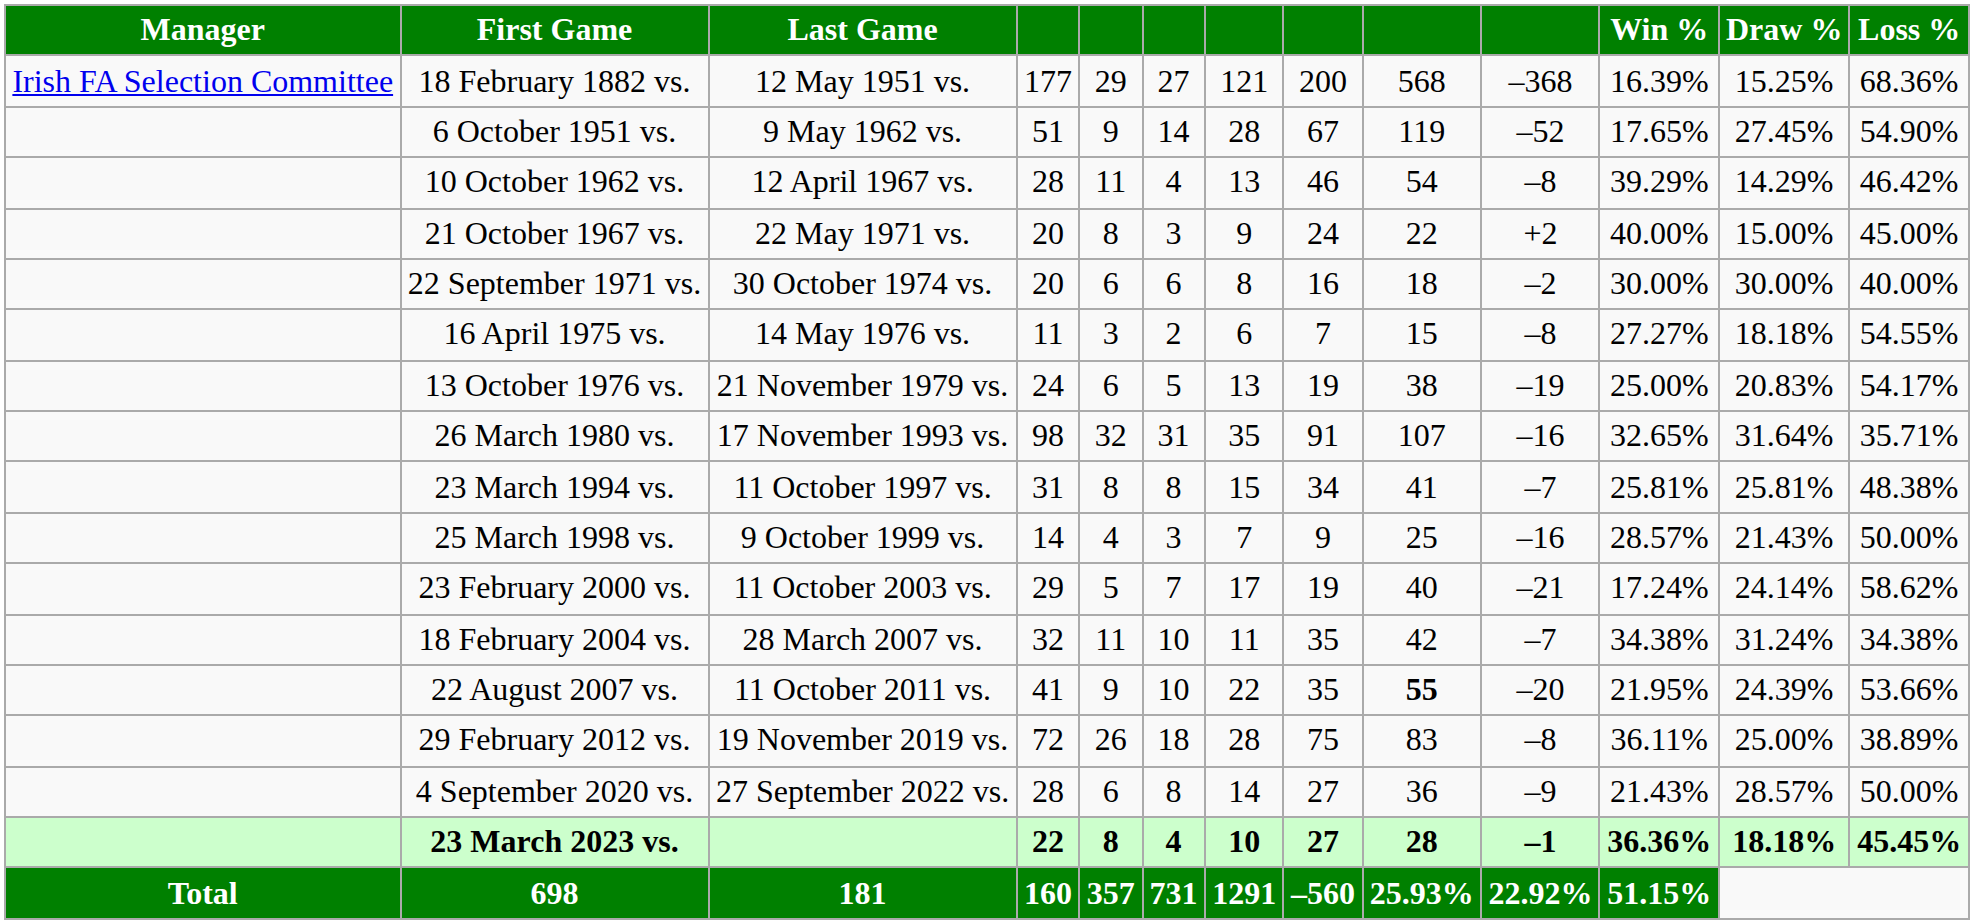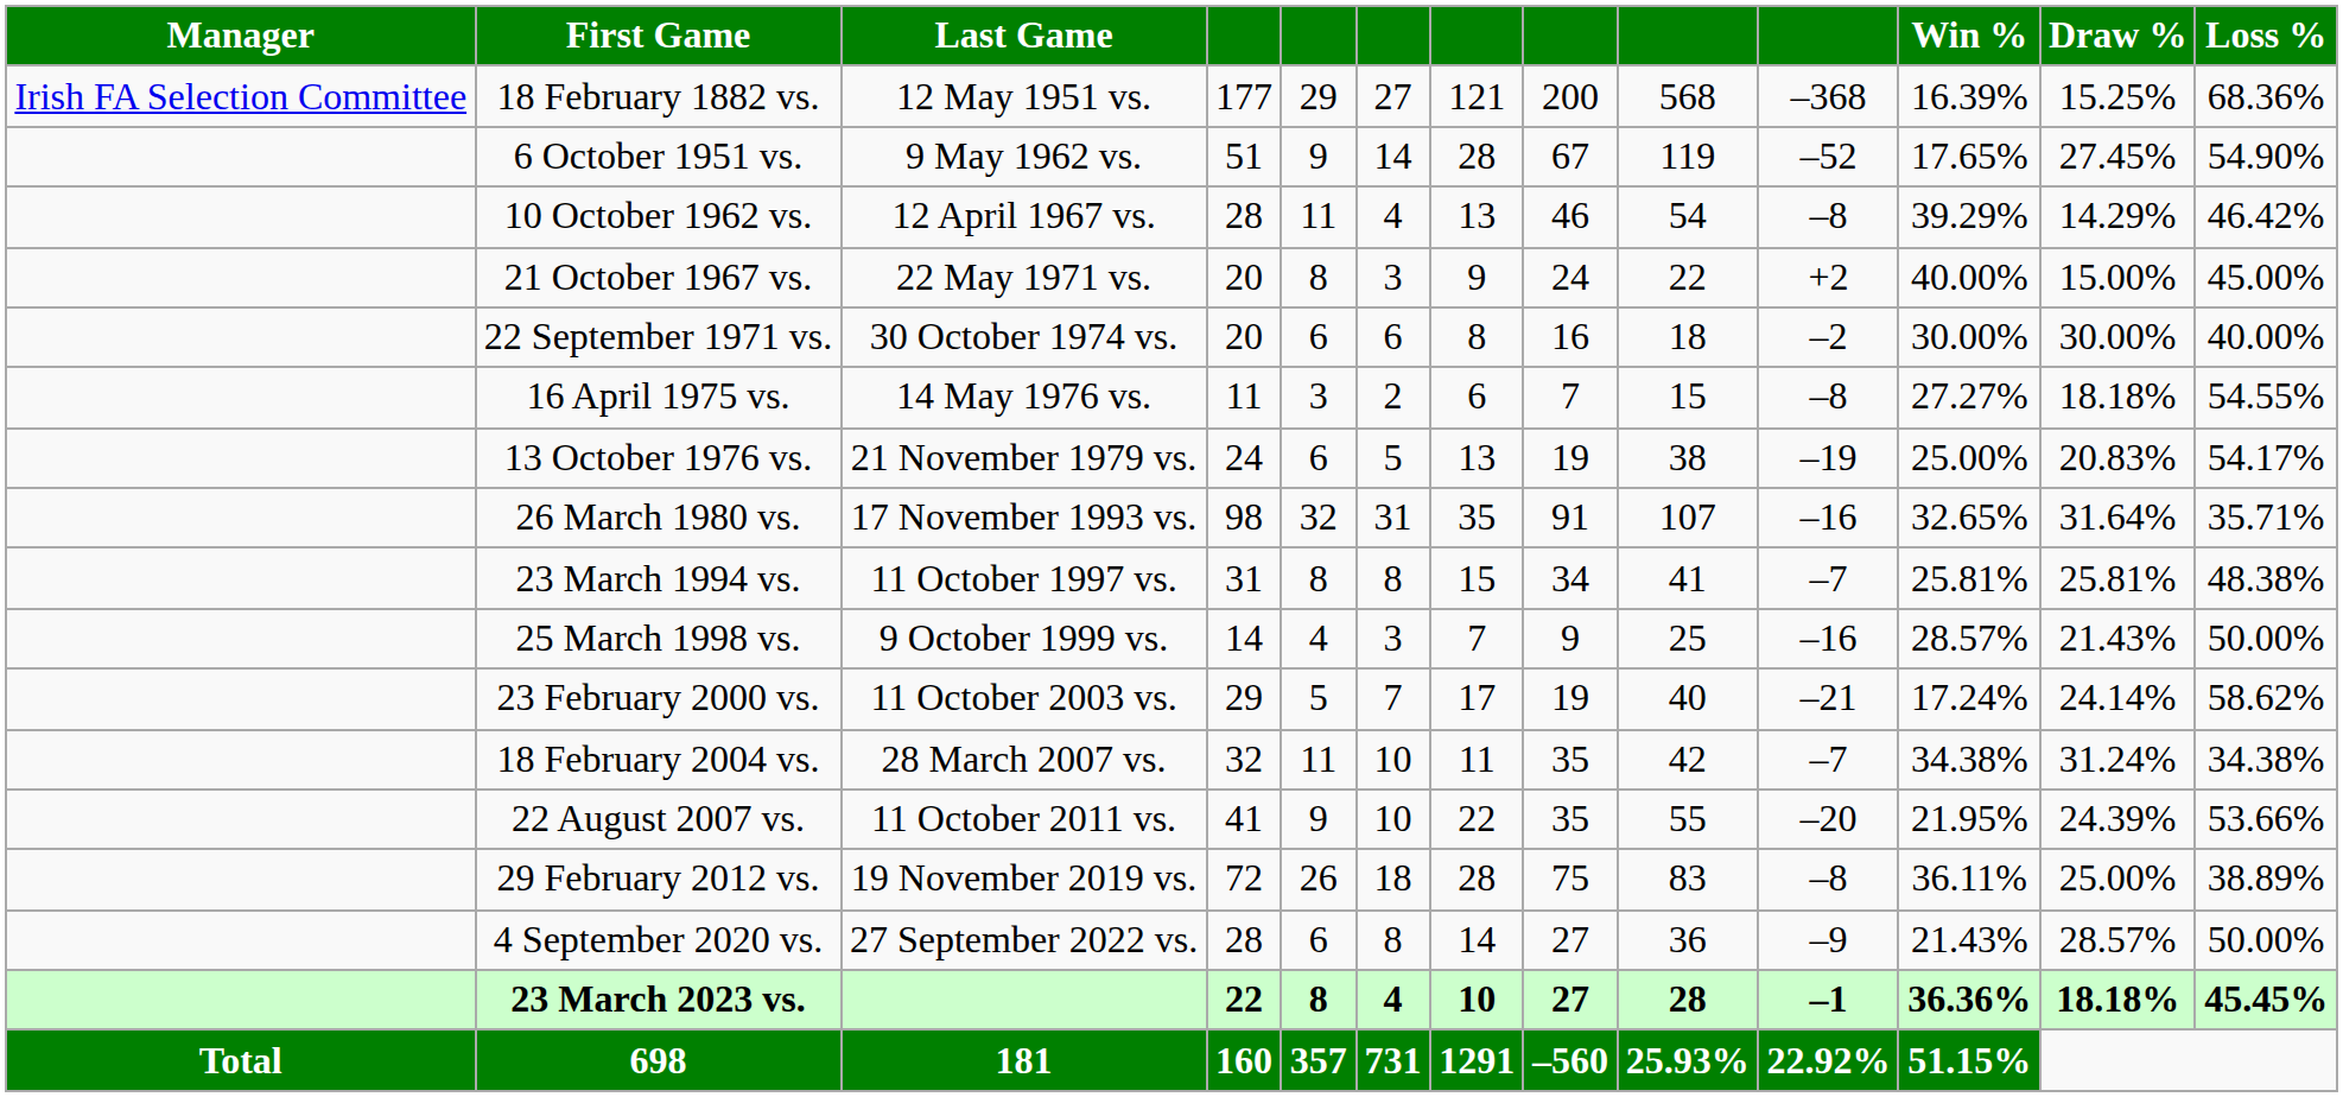 <table class="wikitable sortable" style="text-align:center;">
 <tr>
 <th style="background-color:#008000; color:white; ">Manager</th>
 <th style="background-color:#008000; color:white; ">First Game</th>
 <th style="background-color:#008000; color:white; ">Last Game</th>
 <th style="background-color:#008000; color:white; "></th>
 <th style="background-color:#008000; color:white; "></th>
 <th style="background-color:#008000; color:white; "></th>
 <th style="background-color:#008000; color:white; "></th>
 <th style="background-color:#008000; color:white; "></th>
 <th style="background-color:#008000; color:white; "></th>
 <th style="background-color:#008000; color:white; "></th>
 <th style="background-color:#008000; color:white; ">Win %</th>
 <th style="background-color:#008000; color:white; ">Draw %</th>
 <th style="background-color:#008000; color:white; ">Loss %</th>
 </tr>
 <tr>
 <td style="text-align: left;"> <a href='#'>Irish FA Selection Committee</a></td>
 <td>18 February 1882 vs. </td>
 <td>12 May 1951 vs. </td>
 <td>177</td>
 <td>29</td>
 <td>27</td>
 <td>121</td>
 <td>200</td>
 <td>568</td>
 <td>–368</td>
 <td>16.39%</td>
 <td>15.25%</td>
 <td>68.36%</td>
 </tr>
 <tr>
 <td style="text-align: left;"> </td>
 <td>6 October 1951 vs. </td>
 <td>9 May 1962 vs. </td>
 <td>51</td>
 <td>9</td>
 <td>14</td>
 <td>28</td>
 <td>67</td>
 <td>119</td>
 <td>–52</td>
 <td>17.65%</td>
 <td>27.45%</td>
 <td>54.90%</td>
 </tr>
 <tr>
 <td style="text-align: left;"> </td>
 <td>10 October 1962 vs. </td>
 <td>12 April 1967 vs. </td>
 <td>28</td>
 <td>11</td>
 <td>4</td>
 <td>13</td>
 <td>46</td>
 <td>54</td>
 <td>–8</td>
 <td>39.29%</td>
 <td>14.29%</td>
 <td>46.42%</td>
 </tr>
 <tr>
 <td style="text-align: left;"> </td>
 <td>21 October 1967 vs. </td>
 <td>22 May 1971 vs. </td>
 <td>20</td>
 <td>8</td>
 <td>3</td>
 <td>9</td>
 <td>24</td>
 <td>22</td>
 <td>+2</td>
 <td>40.00%</td>
 <td>15.00%</td>
 <td>45.00%</td>
 </tr>
 <tr>
 <td style="text-align: left;"> </td>
 <td>22 September 1971 vs. </td>
 <td>30 October 1974 vs. </td>
 <td>20</td>
 <td>6</td>
 <td>6</td>
 <td>8</td>
 <td>16</td>
 <td>18</td>
 <td>–2</td>
 <td>30.00%</td>
 <td>30.00%</td>
 <td>40.00%</td>
 </tr>
 <tr>
 <td style="text-align: left;"> </td>
 <td>16 April 1975 vs. </td>
 <td>14 May 1976 vs. </td>
 <td>11</td>
 <td>3</td>
 <td>2</td>
 <td>6</td>
 <td>7</td>
 <td>15</td>
 <td>–8</td>
 <td>27.27%</td>
 <td>18.18%</td>
 <td>54.55%</td>
 </tr>
 <tr>
 <td style="text-align: left;"> </td>
 <td>13 October 1976 vs. </td>
 <td>21 November 1979 vs. </td>
 <td>24</td>
 <td>6</td>
 <td>5</td>
 <td>13</td>
 <td>19</td>
 <td>38</td>
 <td>–19</td>
 <td>25.00%</td>
 <td>20.83%</td>
 <td>54.17%</td>
 </tr>
 <tr>
 <td style="text-align: left;"> </td>
 <td>26 March 1980 vs. </td>
 <td>17 November 1993 vs. </td>
 <td>98</td>
 <td>32</td>
 <td>31</td>
 <td>35</td>
 <td>91</td>
 <td>107</td>
 <td>–16</td>
 <td>32.65%</td>
 <td>31.64%</td>
 <td>35.71%</td>
 </tr>
 <tr>
 <td style="text-align: left;"> </td>
 <td>23 March 1994 vs. </td>
 <td>11 October 1997 vs. </td>
 <td>31</td>
 <td>8</td>
 <td>8</td>
 <td>15</td>
 <td>34</td>
 <td>41</td>
 <td>–7</td>
 <td>25.81%</td>
 <td>25.81%</td>
 <td>48.38%</td>
 </tr>
 <tr>
 <td style="text-align: left;"> </td>
 <td>25 March 1998 vs. </td>
 <td>9 October 1999 vs. </td>
 <td>14</td>
 <td>4</td>
 <td>3</td>
 <td>7</td>
 <td>9</td>
 <td>25</td>
 <td>–16</td>
 <td>28.57%</td>
 <td>21.43%</td>
 <td>50.00%</td>
 </tr>
 <tr>
 <td style="text-align: left;"> </td>
 <td>23 February 2000 vs. </td>
 <td>11 October 2003 vs. </td>
 <td>29</td>
 <td>5</td>
 <td>7</td>
 <td>17</td>
 <td>19</td>
 <td>40</td>
 <td>–21</td>
 <td>17.24%</td>
 <td>24.14%</td>
 <td>58.62%</td>
 </tr>
 <tr>
 <td style="text-align: left;"> </td>
 <td>18 February 2004 vs. </td>
 <td>28 March 2007 vs. </td>
 <td>32</td>
 <td>11</td>
 <td>10</td>
 <td>11</td>
 <td>35</td>
 <td>42</td>
 <td>–7</td>
 <td>34.38%</td>
 <td>31.24%</td>
 <td>34.38%</td>
 </tr>
 <tr>
 <td style="text-align: left;"> </td>
 <td>22 August 2007 vs. </td>
 <td>11 October 2011 vs. </td>
 <td>41</td>
 <td>9</td>
 <td>10</td>
 <td>22</td>
 <td>35</td>
-<td><strong>55</strong></td>
+<td>55</td>
 <td>–20</td>
 <td>21.95%</td>
 <td>24.39%</td>
 <td>53.66%</td>
 </tr>
 <tr>
 <td style="text-align: left;"> </td>
 <td>29 February 2012 vs. </td>
 <td>19 November 2019 vs. </td>
 <td>72</td>
 <td>26</td>
 <td>18</td>
 <td>28</td>
 <td>75</td>
 <td>83</td>
 <td>–8</td>
 <td>36.11%</td>
 <td>25.00%</td>
 <td>38.89%</td>
 </tr>
 <tr>
 <td style="text-align: left;"> </td>
 <td>4 September 2020 vs. </td>
 <td>27 September 2022 vs. </td>
 <td>28</td>
 <td>6</td>
 <td>8</td>
 <td>14</td>
 <td>27</td>
 <td>36</td>
 <td>–9</td>
 <td>21.43%</td>
 <td>28.57%</td>
 <td>50.00%</td>
 </tr>
 <tr bgcolor=#CFC>
 <td style="text-align: left;"> <strong></strong></td>
 <td><strong>23 March 2023 vs. </strong></td>
 <td></td>
 <td><strong>22</strong></td>
 <td><strong>8</strong></td>
 <td><strong>4</strong></td>
 <td><strong>10</strong></td>
 <td><strong>27</strong></td>
 <td><strong>28</strong></td>
 <td><strong>–1</strong></td>
 <td><strong>36.36%</strong></td>
 <td><strong>18.18%</strong></td>
 <td><strong>45.45%</strong></td>
 </tr>
 <tr class="sortbottom">
 <th style="background-color:#008000; color:white; "><strong>Total</strong></th>
 <th style="background-color:#008000; color:white; "><strong>698</strong></th>
 <th style="background-color:#008000; color:white; "><strong>181</strong></th>
 <th style="background-color:#008000; color:white; "><strong>160</strong></th>
 <th style="background-color:#008000; color:white; "><strong>357</strong></th>
 <th style="background-color:#008000; color:white; "><strong>731</strong></th>
 <th style="background-color:#008000; color:white; "><strong>1291</strong></th>
 <th style="background-color:#008000; color:white; "><strong>–560</strong></th>
 <th style="background-color:#008000; color:white; "><strong>25.93%</strong></th>
 <th style="background-color:#008000; color:white; "><strong>22.92%</strong></th>
 <th style="background-color:#008000; color:white; "><strong>51.15%</strong></th>
 </tr>
 <tr>
 </tr>
 </table>
